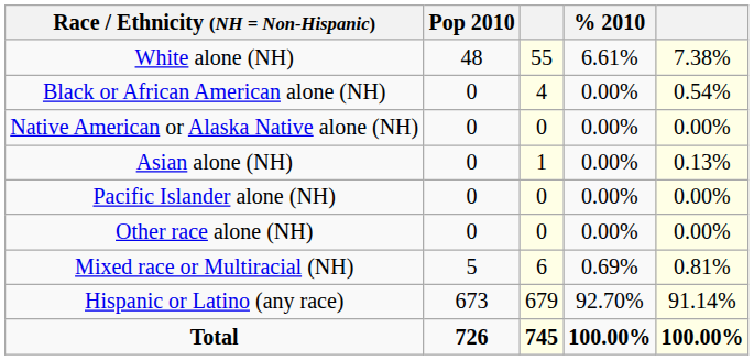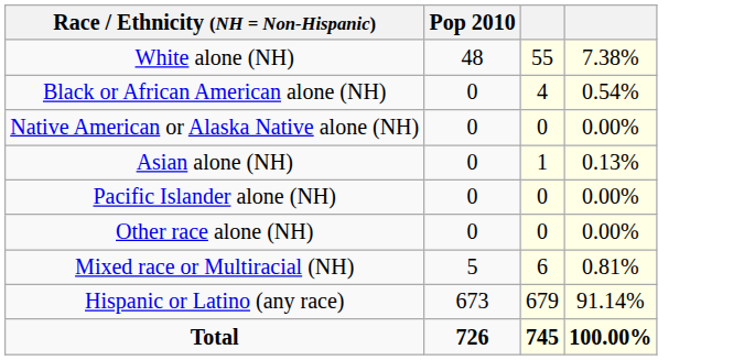 <table class="wikitable" style="text-align:center;">
 <tr>
 <th>Race / Ethnicity <small>(<em>NH = Non-Hispanic</em>)</small></th>
 <th>Pop 2010</th>
 <th></th>
-<th>% 2010</th>
 <th></th>
 </tr>
 <tr>
 <td><a href='#'>White</a> alone (NH)</td>
 <td>48</td>
 <td style='background: #ffffe6;'>55</td>
-<td>6.61%</td>
 <td style='background: #ffffe6;'>7.38%</td>
 </tr>
 <tr>
 <td><a href='#'>Black or African American</a> alone (NH)</td>
 <td>0</td>
 <td style='background: #ffffe6;'>4</td>
-<td>0.00%</td>
 <td style='background: #ffffe6;'>0.54%</td>
 </tr>
 <tr>
 <td><a href='#'>Native American</a> or <a href='#'>Alaska Native</a> alone (NH)</td>
 <td>0</td>
 <td style='background: #ffffe6;'>0</td>
-<td>0.00%</td>
 <td style='background: #ffffe6;'>0.00%</td>
 </tr>
 <tr>
 <td><a href='#'>Asian</a> alone (NH)</td>
 <td>0</td>
 <td style='background: #ffffe6;'>1</td>
-<td>0.00%</td>
 <td style='background: #ffffe6;'>0.13%</td>
 </tr>
 <tr>
 <td><a href='#'>Pacific Islander</a> alone (NH)</td>
 <td>0</td>
 <td style='background: #ffffe6;'>0</td>
-<td>0.00%</td>
 <td style='background: #ffffe6;'>0.00%</td>
 </tr>
 <tr>
 <td><a href='#'>Other race</a> alone (NH)</td>
 <td>0</td>
 <td style='background: #ffffe6;'>0</td>
-<td>0.00%</td>
 <td style='background: #ffffe6;'>0.00%</td>
 </tr>
 <tr>
 <td><a href='#'>Mixed race or Multiracial</a> (NH)</td>
 <td>5</td>
 <td style='background: #ffffe6;'>6</td>
-<td>0.69%</td>
 <td style='background: #ffffe6;'>0.81%</td>
 </tr>
 <tr>
 <td><a href='#'>Hispanic or Latino</a> (any race)</td>
 <td>673</td>
 <td style='background: #ffffe6;'>679</td>
-<td>92.70%</td>
 <td style='background: #ffffe6;'>91.14%</td>
 </tr>
 <tr>
 <td><strong>Total</strong></td>
 <td><strong>726</strong></td>
 <td style='background: #ffffe6;'><strong>745</strong></td>
-<td><strong>100.00%</strong></td>
 <td style='background: #ffffe6;'><strong>100.00%</strong></td>
 </tr>
 </table>
